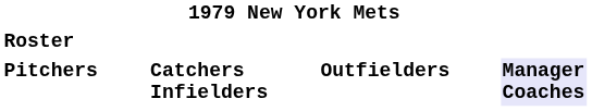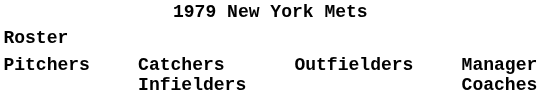 <table class="toccolours" style="font-size: 95%;">
 <tr>
 <th colspan="10">1979 New York Mets</th>
 </tr>
 <tr>
 <td colspan="10"><strong>Roster</strong></td>
 </tr>
 <tr>
 <td valign="top"><strong>Pitchers</strong><br>                   </td>
 <td style="width:25px;"></td>
 <td valign="top"><strong>Catchers</strong><br>   <strong>Infielders</strong>        </td>
 <td style="width:25px;"></td>
 <td valign="top"><strong>Outfielders</strong><br>       </td>
 <td style="width:25px;"></td>
-<td valign="top" style="background: lavender;"><strong>Manager</strong><br> <strong>Coaches</strong>     </td>
+<td valign="top"><strong>Manager</strong><br> <strong>Coaches</strong>     </td>
 </tr>
 </table>
